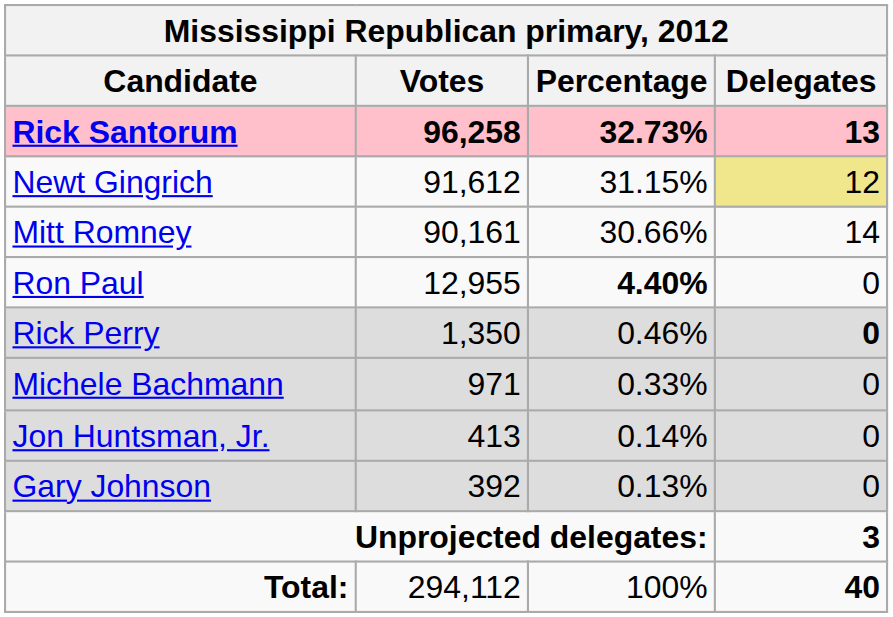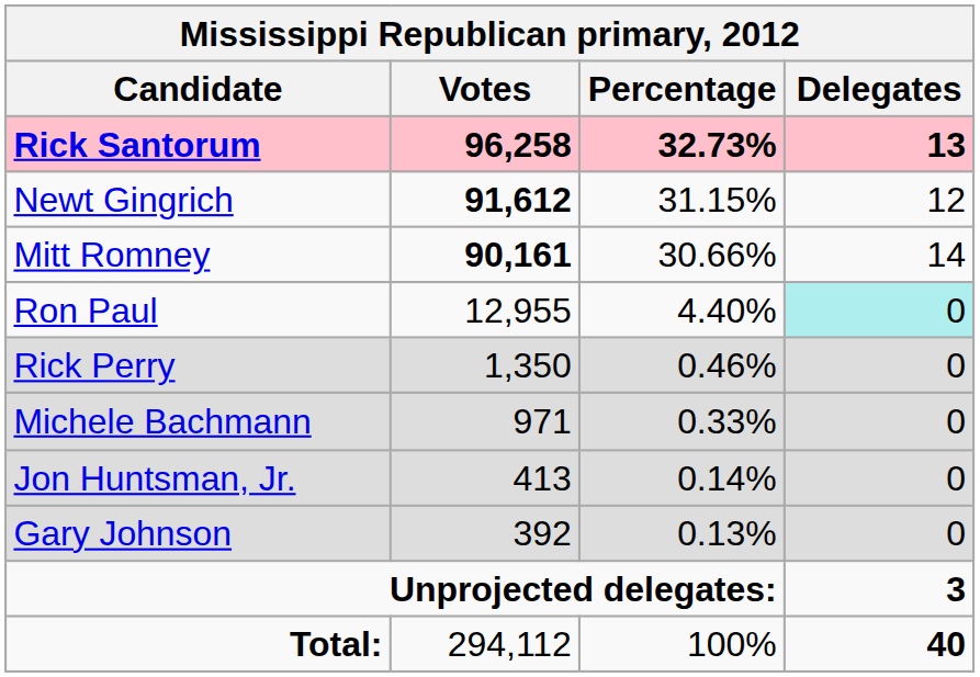 <table class="wikitable" style="font-size:95%;">
 <tr>
 <th colspan="4">Mississippi Republican primary, 2012</th>
 </tr>
 <tr>
 <th width="160px">Candidate</th>
 <th width="75px">Votes</th>
 <th width="75px">Percentage</th>
 <th width="75px">Delegates</th>
 </tr>
 <tr align="right" bgcolor="pink">
 <td align="left"> <strong><a href='#'>Rick Santorum</a></strong></td>
 <td><strong>96,258</strong></td>
 <td><strong>32.73%</strong></td>
 <td><strong>13</strong></td>
 </tr>
 <tr align="right">
 <td align="left"><a href='#'>Newt Gingrich</a></td>
-<td>91,612</td>
+<td><strong>91,612</strong></td>
 <td>31.15%</td>
-<td style="background: khaki;">12</td>
+<td>12</td>
 </tr>
 <tr align="right">
 <td align="left"><a href='#'>Mitt Romney</a></td>
-<td>90,161</td>
+<td><strong>90,161</strong></td>
 <td>30.66%</td>
 <td>14</td>
 </tr>
 <tr align="right">
 <td align="left"><a href='#'>Ron Paul</a></td>
 <td>12,955</td>
-<td><strong>4.40%</strong></td>
-<td>0</td>
+<td>4.40%</td>
+<td style="background: paleturquoise;">0</td>
 </tr>
 <tr align="right" | bgcolor="#DDDDDD">
 <td align="left"><a href='#'>Rick Perry</a></td>
 <td>1,350</td>
 <td>0.46%</td>
-<td><strong>0</strong></td>
+<td>0</td>
 </tr>
 <tr align="right" | bgcolor="#DDDDDD">
 <td align="left"><a href='#'>Michele Bachmann</a></td>
 <td>971</td>
 <td>0.33%</td>
 <td>0</td>
 </tr>
 <tr align="right" | bgcolor="#DDDDDD">
 <td align="left"><a href='#'>Jon Huntsman, Jr.</a></td>
 <td>413</td>
 <td>0.14%</td>
 <td>0</td>
 </tr>
 <tr align="right" | bgcolor="#DDDDDD">
 <td align="left"><a href='#'>Gary Johnson</a></td>
 <td>392</td>
 <td>0.13%</td>
 <td>0</td>
 </tr>
 <tr align="right">
 <td colspan="3"><strong>Unprojected delegates:</strong></td>
 <td><strong>3</strong></td>
 </tr>
 <tr align="right">
 <td><strong>Total:</strong></td>
 <td>294,112</td>
 <td>100%</td>
 <td><strong>40</strong></td>
 </tr>
 </table>
